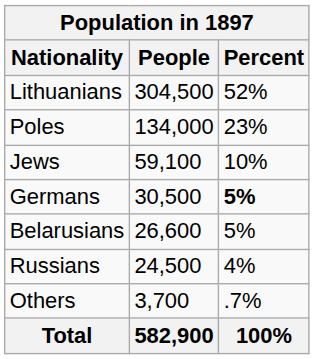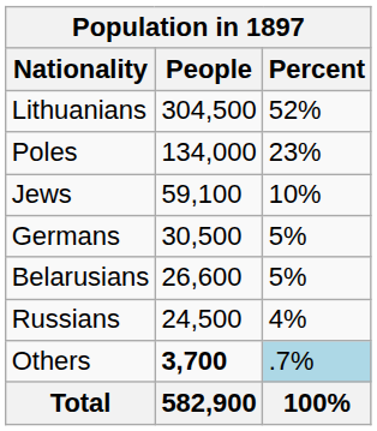 <table class=wikitable align=left>
 <tr>
 <th colspan=3>Population in 1897</th>
 </tr>
 <tr>
 <th>Nationality</th>
 <th>People</th>
 <th>Percent</th>
 </tr>
 <tr>
 <td>Lithuanians</td>
 <td>304,500</td>
 <td>52%</td>
 </tr>
 <tr>
 <td>Poles</td>
 <td>134,000</td>
 <td>23%</td>
 </tr>
 <tr>
 <td>Jews</td>
 <td>59,100</td>
 <td>10%</td>
 </tr>
 <tr>
 <td>Germans</td>
 <td>30,500</td>
-<td><strong>5%</strong></td>
+<td>5%</td>
 </tr>
 <tr>
 <td>Belarusians</td>
 <td>26,600</td>
 <td>5%</td>
 </tr>
 <tr>
 <td>Russians</td>
 <td>24,500</td>
 <td>4%</td>
 </tr>
 <tr>
 <td>Others</td>
-<td>3,700</td>
-<td>.7%</td>
+<td><strong>3,700</strong></td>
+<td style="background: lightblue;">.7%</td>
 </tr>
 <tr>
 <th>Total</th>
 <th>582,900</th>
 <th>100%</th>
 </tr>
 </table>
